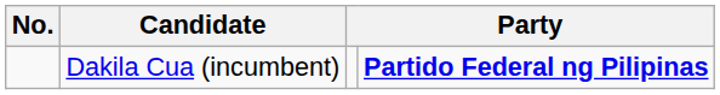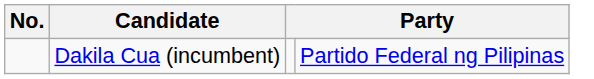 <table class="wikitable sortable" style="text-align:left;">
 <tr>
 <th>No.</th>
 <th>Candidate</th>
 <th colspan="2">Party</th>
 </tr>
 <tr>
 <td></td>
 <td><a href='#'>Dakila Cua</a> (incumbent)</td>
 <td></td>
-<td><strong><a href='#'>Partido Federal ng Pilipinas</a></strong></td>
+<td><a href='#'>Partido Federal ng Pilipinas</a></td>
 </tr>
 </table>
